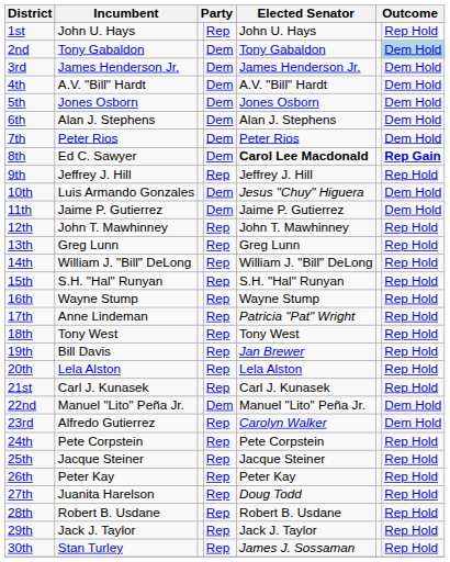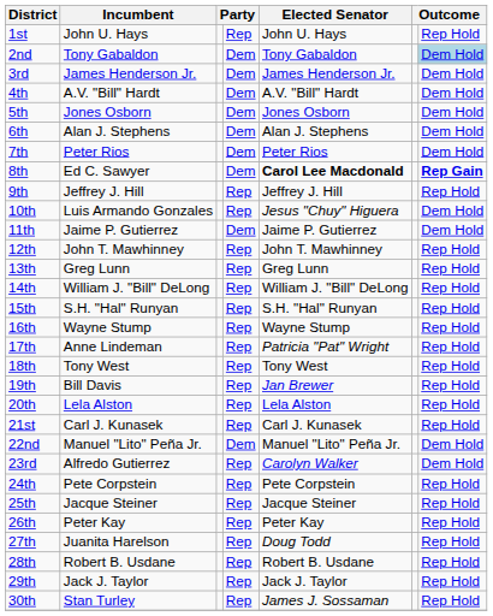 <table class="sortable wikitable" style="font-size:95%;line-height:14px;">
 <tr>
 <th>District</th>
 <th>Incumbent</th>
 <th colspan="2">Party</th>
 <th>Elected Senator</th>
 <th colspan="2">Outcome</th>
 </tr>
 <tr>
 <td><a href='#'>1st</a></td>
 <td>John U. Hays</td>
 <td style="background:"></td>
 <td><a href='#'>Rep</a></td>
 <td>John U. Hays</td>
 <td style="background:"></td>
 <td><a href='#'>Rep Hold</a></td>
 </tr>
 <tr>
 <td><a href='#'>2nd</a></td>
 <td><a href='#'>Tony Gabaldon</a></td>
 <td style="background:"></td>
 <td><a href='#'>Dem</a></td>
 <td><a href='#'>Tony Gabaldon</a></td>
 <td style="background:"></td>
 <td style="background: lightblue;"><a href='#'>Dem Hold</a></td>
 </tr>
 <tr>
 <td><a href='#'>3rd</a></td>
 <td><a href='#'>James Henderson Jr.</a></td>
 <td style="background:"></td>
 <td><a href='#'>Dem</a></td>
 <td><a href='#'>James Henderson Jr.</a></td>
 <td style="background:"></td>
 <td><a href='#'>Dem Hold</a></td>
 </tr>
 <tr>
 <td><a href='#'>4th</a></td>
 <td>A.V. "Bill" Hardt</td>
 <td style="background:"></td>
 <td><a href='#'>Dem</a></td>
 <td>A.V. "Bill" Hardt</td>
 <td style="background:"></td>
 <td><a href='#'>Dem Hold</a></td>
 </tr>
 <tr>
 <td><a href='#'>5th</a></td>
 <td><a href='#'>Jones Osborn</a></td>
 <td style="background:"></td>
 <td><a href='#'>Dem</a></td>
 <td><a href='#'>Jones Osborn</a></td>
 <td style="background:"></td>
 <td><a href='#'>Dem Hold</a></td>
 </tr>
 <tr>
 <td><a href='#'>6th</a></td>
 <td>Alan J. Stephens</td>
 <td style="background:"></td>
 <td><a href='#'>Dem</a></td>
 <td>Alan J. Stephens</td>
 <td style="background:"></td>
 <td><a href='#'>Dem Hold</a></td>
 </tr>
 <tr>
 <td><a href='#'>7th</a></td>
 <td><a href='#'>Peter Rios</a></td>
 <td style="background:"></td>
 <td><a href='#'>Dem</a></td>
 <td><a href='#'>Peter Rios</a></td>
 <td style="background:"></td>
 <td><a href='#'>Dem Hold</a></td>
 </tr>
 <tr>
 <td><a href='#'>8th</a></td>
 <td>Ed C. Sawyer</td>
 <td style="background:"></td>
 <td><a href='#'>Dem</a></td>
 <td><strong>Carol Lee Macdonald</strong></td>
 <td style="background:"></td>
 <td><strong><a href='#'>Rep Gain</a></strong></td>
 </tr>
 <tr>
 <td><a href='#'>9th</a></td>
 <td>Jeffrey J. Hill</td>
 <td style="background:"></td>
 <td><a href='#'>Rep</a></td>
 <td>Jeffrey J. Hill</td>
 <td style="background:"></td>
 <td><a href='#'>Rep Hold</a></td>
 </tr>
 <tr>
 <td><a href='#'>10th</a></td>
 <td>Luis Armando Gonzales</td>
 <td style="background:"></td>
-<td><a href='#'>Dem</a></td>
+<td><a href='#'>Rep</a></td>
 <td><em>Jesus "Chuy" Higuera</em></td>
 <td style="background:"></td>
 <td><a href='#'>Dem Hold</a></td>
 </tr>
 <tr>
 <td><a href='#'>11th</a></td>
 <td>Jaime P. Gutierrez</td>
 <td style="background:"></td>
 <td><a href='#'>Dem</a></td>
 <td>Jaime P. Gutierrez</td>
 <td style="background:"></td>
 <td><a href='#'>Dem Hold</a></td>
 </tr>
 <tr>
 <td><a href='#'>12th</a></td>
 <td>John T. Mawhinney</td>
 <td style="background:"></td>
 <td><a href='#'>Rep</a></td>
 <td>John T. Mawhinney</td>
 <td style="background:"></td>
 <td><a href='#'>Rep Hold</a></td>
 </tr>
 <tr>
 <td><a href='#'>13th</a></td>
 <td>Greg Lunn</td>
 <td style="background:"></td>
 <td><a href='#'>Rep</a></td>
 <td>Greg Lunn</td>
 <td style="background:"></td>
 <td><a href='#'>Rep Hold</a></td>
 </tr>
 <tr>
 <td><a href='#'>14th</a></td>
 <td>William J. "Bill" DeLong</td>
 <td style="background:"></td>
 <td><a href='#'>Rep</a></td>
 <td>William J. "Bill" DeLong</td>
 <td style="background:"></td>
 <td><a href='#'>Rep Hold</a></td>
 </tr>
 <tr>
 <td><a href='#'>15th</a></td>
 <td>S.H. "Hal" Runyan</td>
 <td style="background:"></td>
 <td><a href='#'>Rep</a></td>
 <td>S.H. "Hal" Runyan</td>
 <td style="background:"></td>
 <td><a href='#'>Rep Hold</a></td>
 </tr>
 <tr>
 <td><a href='#'>16th</a></td>
 <td>Wayne Stump</td>
 <td style="background:"></td>
 <td><a href='#'>Rep</a></td>
 <td>Wayne Stump</td>
 <td style="background:"></td>
 <td><a href='#'>Rep Hold</a></td>
 </tr>
 <tr>
 <td><a href='#'>17th</a></td>
 <td>Anne Lindeman</td>
 <td style="background:"></td>
 <td><a href='#'>Rep</a></td>
 <td><em>Patricia "Pat" Wright</em></td>
 <td style="background:"></td>
 <td><a href='#'>Rep Hold</a></td>
 </tr>
 <tr>
 <td><a href='#'>18th</a></td>
 <td>Tony West</td>
 <td style="background:"></td>
 <td><a href='#'>Rep</a></td>
 <td>Tony West</td>
 <td style="background:"></td>
 <td><a href='#'>Rep Hold</a></td>
 </tr>
 <tr>
 <td><a href='#'>19th</a></td>
 <td>Bill Davis</td>
 <td style="background:"></td>
 <td><a href='#'>Rep</a></td>
 <td><em><a href='#'>Jan Brewer</a></em></td>
 <td style="background:"></td>
 <td><a href='#'>Rep Hold</a></td>
 </tr>
 <tr>
 <td><a href='#'>20th</a></td>
 <td><a href='#'>Lela Alston</a></td>
 <td style="background:"></td>
 <td><a href='#'>Rep</a></td>
 <td><a href='#'>Lela Alston</a></td>
 <td style="background:"></td>
 <td><a href='#'>Rep Hold</a></td>
 </tr>
 <tr>
 <td><a href='#'>21st</a></td>
 <td>Carl J. Kunasek</td>
 <td style="background:"></td>
 <td><a href='#'>Rep</a></td>
 <td>Carl J. Kunasek</td>
 <td style="background:"></td>
 <td><a href='#'>Rep Hold</a></td>
 </tr>
 <tr>
 <td><a href='#'>22nd</a></td>
 <td>Manuel "Lito" Peña Jr.</td>
 <td style="background:"></td>
 <td><a href='#'>Dem</a></td>
 <td>Manuel "Lito" Peña Jr.</td>
 <td style="background:"></td>
 <td><a href='#'>Dem Hold</a></td>
 </tr>
 <tr>
 <td><a href='#'>23rd</a></td>
 <td>Alfredo Gutierrez</td>
 <td style="background:"></td>
 <td><a href='#'>Rep</a></td>
 <td><em><a href='#'>Carolyn Walker</a></em></td>
 <td style="background:"></td>
 <td><a href='#'>Dem Hold</a></td>
 </tr>
 <tr>
 <td><a href='#'>24th</a></td>
 <td>Pete Corpstein</td>
 <td style="background:"></td>
 <td><a href='#'>Rep</a></td>
 <td>Pete Corpstein</td>
 <td style="background:"></td>
 <td><a href='#'>Rep Hold</a></td>
 </tr>
 <tr>
 <td><a href='#'>25th</a></td>
 <td>Jacque Steiner</td>
 <td style="background:"></td>
 <td><a href='#'>Rep</a></td>
 <td>Jacque Steiner</td>
 <td style="background:"></td>
 <td><a href='#'>Rep Hold</a></td>
 </tr>
 <tr>
 <td><a href='#'>26th</a></td>
 <td>Peter Kay</td>
 <td style="background:"></td>
 <td><a href='#'>Rep</a></td>
 <td>Peter Kay</td>
 <td style="background:"></td>
 <td><a href='#'>Rep Hold</a></td>
 </tr>
 <tr>
 <td><a href='#'>27th</a></td>
 <td>Juanita Harelson</td>
 <td style="background:"></td>
 <td><a href='#'>Rep</a></td>
 <td><em>Doug Todd</em></td>
 <td style="background:"></td>
 <td><a href='#'>Rep Hold</a></td>
 </tr>
 <tr>
 <td><a href='#'>28th</a></td>
 <td>Robert B. Usdane</td>
 <td style="background:"></td>
 <td><a href='#'>Rep</a></td>
 <td>Robert B. Usdane</td>
 <td style="background:"></td>
 <td><a href='#'>Rep Hold</a></td>
 </tr>
 <tr>
 <td><a href='#'>29th</a></td>
 <td>Jack J. Taylor</td>
 <td style="background:"></td>
 <td><a href='#'>Rep</a></td>
 <td>Jack J. Taylor</td>
 <td style="background:"></td>
 <td><a href='#'>Rep Hold</a></td>
 </tr>
 <tr>
 <td><a href='#'>30th</a></td>
 <td><a href='#'>Stan Turley</a></td>
 <td style="background:"></td>
 <td><a href='#'>Rep</a></td>
 <td><em>James J. Sossaman</em></td>
 <td style="background:"></td>
 <td><a href='#'>Rep Hold</a></td>
 </tr>
 <tr>
 </tr>
 </table>
